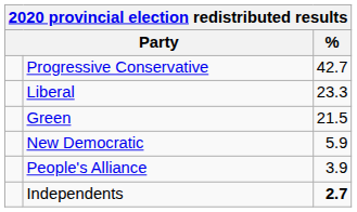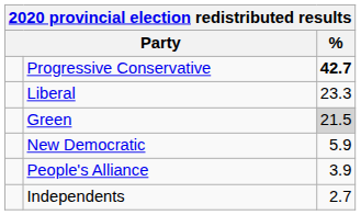 <table class="wikitable">
 <tr>
 <th colspan="4"><a href='#'>2020 provincial election</a> redistributed results</th>
 </tr>
 <tr>
 <th bgcolor="#DDDDFF" width="130px" colspan="2">Party</th>
 <th bgcolor="#DDDDFF" width="30px">%</th>
 </tr>
 <tr>
 <td> </td>
 <td><a href='#'>Progressive Conservative</a></td>
-<td align=right>42.7</td>
+<td align=right><strong>42.7</strong></td>
 </tr>
 <tr>
 <td> </td>
 <td><a href='#'>Liberal</a></td>
 <td align=right>23.3</td>
 </tr>
 <tr>
 <td> </td>
 <td><a href='#'>Green</a></td>
-<td align=right>21.5</td>
+<td align=right style="background: lightgrey;">21.5</td>
 </tr>
 <tr>
 <td> </td>
 <td><a href='#'>New Democratic</a></td>
 <td align=right>5.9</td>
 </tr>
 <tr>
 <td> </td>
 <td><a href='#'>People's Alliance</a></td>
 <td align=right>3.9</td>
 </tr>
 <tr>
 <td> </td>
 <td>Independents</td>
-<td align=right><strong>2.7</strong></td>
+<td align=right>2.7</td>
 </tr>
 </table>
